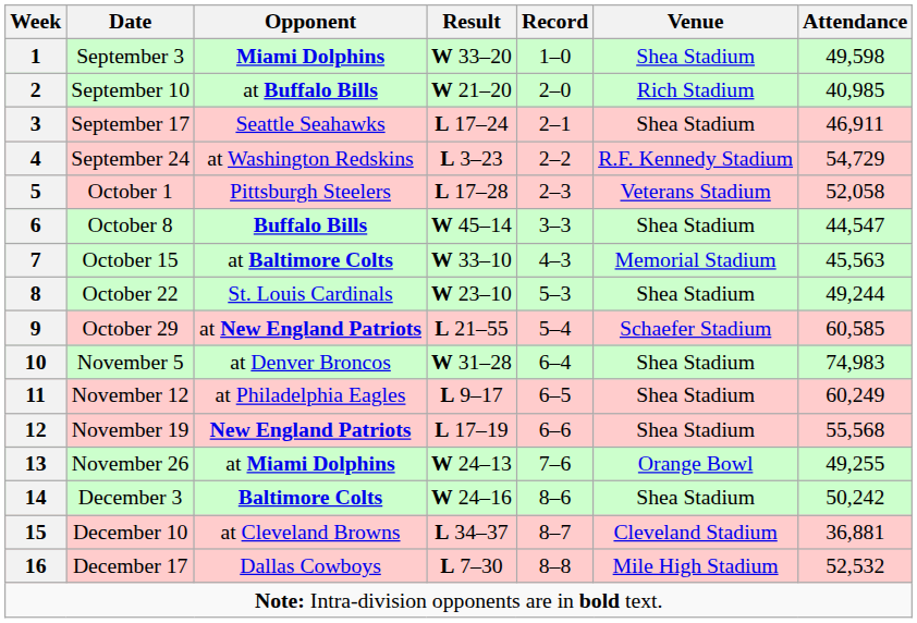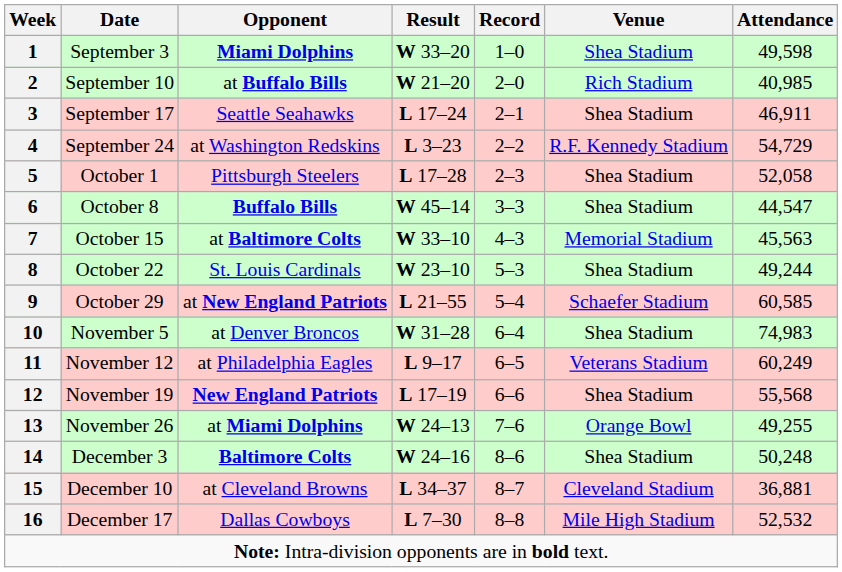 <table class="wikitable" style="text-align:center">
 <tr>
 <th>Week</th>
 <th>Date</th>
 <th>Opponent</th>
 <th>Result</th>
 <th>Record</th>
 <th>Venue</th>
 <th>Attendance</th>
 </tr>
 <tr style="background:#cfc">
 <th>1</th>
 <td>September 3</td>
 <td><strong><a href='#'>Miami Dolphins</a></strong></td>
 <td><strong>W</strong> 33–20</td>
 <td>1–0</td>
 <td><a href='#'>Shea Stadium</a></td>
 <td>49,598</td>
 </tr>
 <tr style="background:#cfc">
 <th>2</th>
 <td>September 10</td>
 <td>at <strong><a href='#'>Buffalo Bills</a></strong></td>
 <td><strong>W</strong> 21–20</td>
 <td>2–0</td>
 <td><a href='#'>Rich Stadium</a></td>
 <td>40,985</td>
 </tr>
 <tr style="background:#fcc">
 <th>3</th>
 <td>September 17</td>
 <td><a href='#'>Seattle Seahawks</a></td>
 <td><strong>L</strong> 17–24</td>
 <td>2–1</td>
 <td>Shea Stadium</td>
 <td>46,911</td>
 </tr>
 <tr style="background:#fcc">
 <th>4</th>
 <td>September 24</td>
 <td>at <a href='#'>Washington Redskins</a></td>
 <td><strong>L</strong> 3–23</td>
 <td>2–2</td>
 <td><a href='#'>R.F. Kennedy Stadium</a></td>
 <td>54,729</td>
 </tr>
 <tr style="background:#fcc">
 <th>5</th>
 <td>October 1</td>
 <td><a href='#'>Pittsburgh Steelers</a></td>
 <td><strong>L</strong> 17–28</td>
 <td>2–3</td>
-<td><a href='#'>Veterans Stadium</a></td>
+<td>Shea Stadium</td>
 <td>52,058</td>
 </tr>
 <tr style="background:#cfc">
 <th>6</th>
 <td>October 8</td>
 <td><strong><a href='#'>Buffalo Bills</a></strong></td>
 <td><strong>W</strong> 45–14</td>
 <td>3–3</td>
 <td>Shea Stadium</td>
 <td>44,547</td>
 </tr>
 <tr style="background:#cfc">
 <th>7</th>
 <td>October 15</td>
 <td>at <strong><a href='#'>Baltimore Colts</a></strong></td>
 <td><strong>W</strong> 33–10</td>
 <td>4–3</td>
 <td><a href='#'>Memorial Stadium</a></td>
 <td>45,563</td>
 </tr>
 <tr style="background:#cfc">
 <th>8</th>
 <td>October 22</td>
 <td><a href='#'>St. Louis Cardinals</a></td>
 <td><strong>W</strong> 23–10</td>
 <td>5–3</td>
 <td>Shea Stadium</td>
 <td>49,244</td>
 </tr>
 <tr style="background:#fcc">
 <th>9</th>
 <td>October 29</td>
 <td>at <strong><a href='#'>New England Patriots</a></strong></td>
 <td><strong>L</strong> 21–55</td>
 <td>5–4</td>
 <td><a href='#'>Schaefer Stadium</a></td>
 <td>60,585</td>
 </tr>
 <tr style="background:#cfc">
 <th>10</th>
 <td>November 5</td>
 <td>at <a href='#'>Denver Broncos</a></td>
 <td><strong>W</strong> 31–28</td>
 <td>6–4</td>
 <td>Shea Stadium</td>
 <td>74,983</td>
 </tr>
 <tr style="background:#fcc">
 <th>11</th>
 <td>November 12</td>
 <td>at <a href='#'>Philadelphia Eagles</a></td>
 <td><strong>L</strong> 9–17</td>
 <td>6–5</td>
-<td>Shea Stadium</td>
+<td><a href='#'>Veterans Stadium</a></td>
 <td>60,249</td>
 </tr>
 <tr style="background:#fcc">
 <th>12</th>
 <td>November 19</td>
 <td><strong><a href='#'>New England Patriots</a></strong></td>
 <td><strong>L</strong> 17–19</td>
 <td>6–6</td>
 <td>Shea Stadium</td>
 <td>55,568</td>
 </tr>
 <tr style="background:#cfc">
 <th>13</th>
 <td>November 26</td>
 <td>at <strong><a href='#'>Miami Dolphins</a></strong></td>
 <td><strong>W</strong> 24–13</td>
 <td>7–6</td>
 <td><a href='#'>Orange Bowl</a></td>
 <td>49,255</td>
 </tr>
 <tr style="background:#cfc">
 <th>14</th>
 <td>December 3</td>
 <td><strong><a href='#'>Baltimore Colts</a></strong></td>
 <td><strong>W</strong> 24–16</td>
 <td>8–6</td>
 <td>Shea Stadium</td>
-<td>50,242</td>
+<td>50,248</td>
 </tr>
 <tr style="background:#fcc">
 <th>15</th>
 <td>December 10</td>
 <td>at <a href='#'>Cleveland Browns</a></td>
 <td><strong>L</strong> 34–37 </td>
 <td>8–7</td>
 <td><a href='#'>Cleveland Stadium</a></td>
 <td>36,881</td>
 </tr>
 <tr style="background:#fcc">
 <th>16</th>
 <td>December 17</td>
 <td><a href='#'>Dallas Cowboys</a></td>
 <td><strong>L</strong> 7–30</td>
 <td>8–8</td>
 <td><a href='#'>Mile High Stadium</a></td>
 <td>52,532</td>
 </tr>
 <tr>
 <td colspan="8"><strong>Note:</strong> Intra-division opponents are in <strong>bold</strong> text.</td>
 </tr>
 </table>
